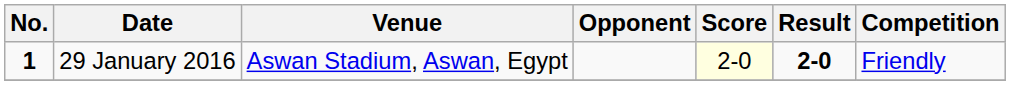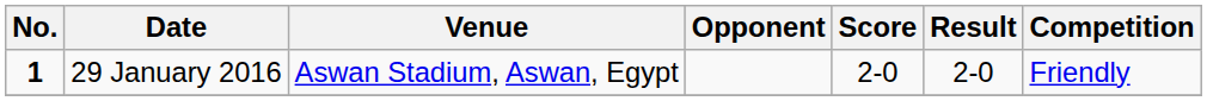 <table class="wikitable sortable">
 <tr>
 <th scope="col">No.</th>
 <th scope="col">Date</th>
 <th scope="col">Venue</th>
 <th scope="col">Opponent</th>
 <th scope="col">Score</th>
 <th scope="col">Result</th>
 <th scope="col">Competition</th>
 </tr>
 <tr>
 <td align="center"><strong>1</strong></td>
 <td>29 January 2016</td>
 <td><a href='#'>Aswan Stadium</a>, <a href='#'>Aswan</a>, Egypt</td>
 <td></td>
-<td align="center" style="background: lightyellow;">2-0</td>
-<td align="center"><strong>2-0</strong></td>
+<td align="center">2-0</td>
+<td align="center">2-0</td>
 <td><a href='#'>Friendly</a></td>
 </tr>
 <tr>
 </tr>
 </table>
